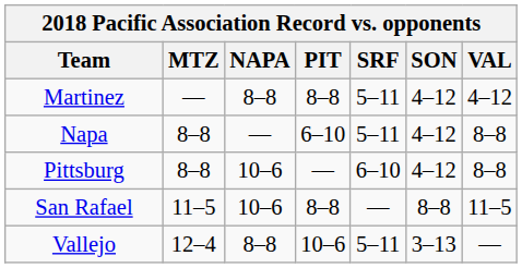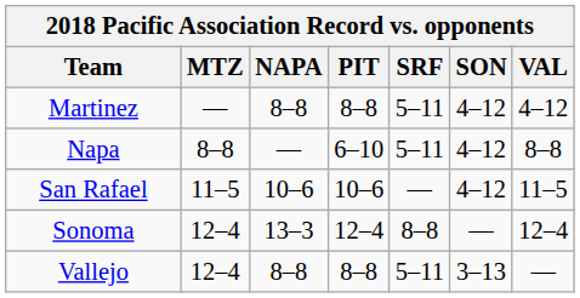 <table class="wikitable" style="font-size:95%; text-align:center;">
 <tr>
 <th colspan=7>2018 Pacific Association Record vs. opponents</th>
 </tr>
 <tr>
 <th style="width:100px;">Team</th>
 <th>MTZ</th>
 <th>NAPA</th>
 <th>PIT</th>
 <th>SRF</th>
 <th>SON</th>
 <th>VAL</th>
 </tr>
 <tr>
 <td><a href='#'>Martinez</a></td>
 <td>—</td>
 <td>8–8</td>
 <td>8–8</td>
 <td>5–11</td>
 <td>4–12</td>
 <td>4–12</td>
 </tr>
 <tr>
 <td><a href='#'>Napa</a></td>
 <td>8–8</td>
 <td>—</td>
 <td>6–10</td>
 <td>5–11</td>
 <td>4–12</td>
 <td>8–8</td>
 </tr>
 <tr>
-<td><a href='#'>Pittsburg</a></td>
-<td>8–8</td>
-<td>10–6</td>
-<td>—</td>
-<td>6–10</td>
-<td>4–12</td>
-<td>8–8</td>
-</tr>
-<tr>
 <td><a href='#'>San Rafael</a></td>
 <td>11–5</td>
 <td>10–6</td>
+<td>10–6</td>
+<td>—</td>
+<td>4–12</td>
+<td>11–5</td>
+</tr>
+<tr>
+<td><a href='#'>Sonoma</a></td>
+<td>12–4</td>
+<td>13–3</td>
+<td>12–4</td>
 <td>8–8</td>
 <td>—</td>
-<td>8–8</td>
-<td>11–5</td>
+<td>12–4</td>
 </tr>
 <tr>
 <td><a href='#'>Vallejo</a></td>
 <td>12–4</td>
 <td>8–8</td>
-<td>10–6</td>
+<td>8–8</td>
 <td>5–11</td>
 <td>3–13</td>
 <td>—</td>
 </tr>
 </table>
